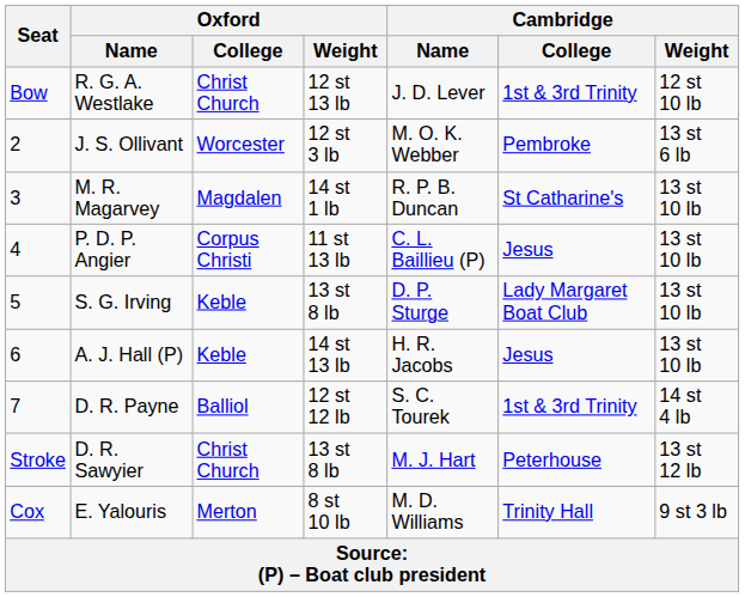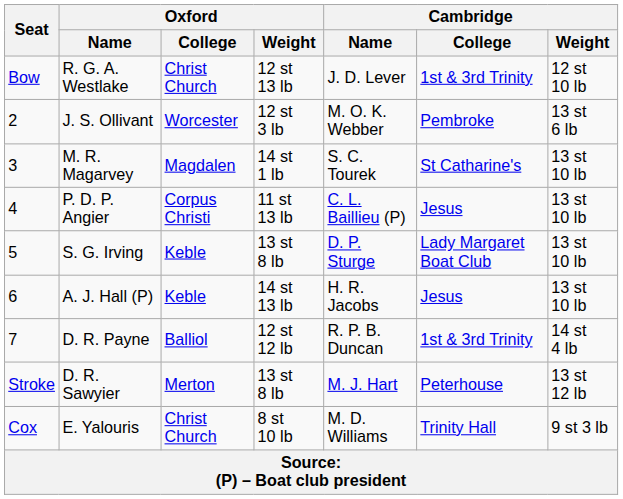 <table class="wikitable">
 <tr>
 <th rowspan="2" scope="col">Seat</th>
 <th colspan="3" scope="col">Oxford <br> </th>
 <th colspan="3" scope="col">Cambridge <br> </th>
 </tr>
 <tr>
 <th>Name</th>
 <th>College</th>
 <th>Weight</th>
 <th>Name</th>
 <th>College</th>
 <th>Weight</th>
 </tr>
 <tr>
 <td><a href='#'>Bow</a></td>
 <td>R. G. A. Westlake</td>
 <td><a href='#'>Christ Church</a></td>
 <td>12 st 13 lb</td>
 <td>J. D. Lever</td>
 <td><a href='#'>1st & 3rd Trinity</a></td>
 <td>12 st 10 lb</td>
 </tr>
 <tr>
 <td>2</td>
 <td>J. S. Ollivant</td>
 <td><a href='#'>Worcester</a></td>
 <td>12 st 3 lb</td>
 <td>M. O. K. Webber</td>
 <td><a href='#'>Pembroke</a></td>
 <td>13 st 6 lb</td>
 </tr>
 <tr>
 <td>3</td>
 <td>M. R. Magarvey</td>
 <td><a href='#'>Magdalen</a></td>
 <td>14 st 1 lb</td>
-<td>R. P. B. Duncan</td>
+<td>S. C. Tourek</td>
 <td><a href='#'>St Catharine's</a></td>
 <td>13 st 10 lb</td>
 </tr>
 <tr>
 <td>4</td>
 <td>P. D. P. Angier</td>
 <td><a href='#'>Corpus Christi</a></td>
 <td>11 st 13 lb</td>
 <td><a href='#'>C. L. Baillieu</a> (P)</td>
 <td><a href='#'>Jesus</a></td>
 <td>13 st 10 lb</td>
 </tr>
 <tr>
 <td>5</td>
 <td>S. G. Irving</td>
 <td><a href='#'>Keble</a></td>
 <td>13 st 8 lb</td>
 <td><a href='#'>D. P. Sturge</a></td>
 <td><a href='#'>Lady Margaret Boat Club</a></td>
 <td>13 st 10 lb</td>
 </tr>
 <tr>
 <td>6</td>
 <td>A. J. Hall (P)</td>
 <td><a href='#'>Keble</a></td>
 <td>14 st 13 lb</td>
 <td>H. R. Jacobs</td>
 <td><a href='#'>Jesus</a></td>
 <td>13 st 10 lb</td>
 </tr>
 <tr>
 <td>7</td>
 <td>D. R. Payne</td>
 <td><a href='#'>Balliol</a></td>
 <td>12 st 12 lb</td>
-<td>S. C. Tourek</td>
+<td>R. P. B. Duncan</td>
 <td><a href='#'>1st & 3rd Trinity</a></td>
 <td>14 st 4 lb</td>
 </tr>
 <tr>
 <td><a href='#'>Stroke</a></td>
 <td>D. R. Sawyier</td>
-<td><a href='#'>Christ Church</a></td>
+<td><a href='#'>Merton</a></td>
 <td>13 st 8 lb</td>
 <td><a href='#'>M. J. Hart</a></td>
 <td><a href='#'>Peterhouse</a></td>
 <td>13 st 12 lb</td>
 </tr>
 <tr>
 <td><a href='#'>Cox</a></td>
 <td>E. Yalouris</td>
-<td><a href='#'>Merton</a></td>
+<td><a href='#'>Christ Church</a></td>
 <td>8 st 10 lb</td>
 <td>M. D. Williams</td>
 <td><a href='#'>Trinity Hall</a></td>
 <td>9 st 3 lb</td>
 </tr>
 <tr>
 <th colspan="7">Source:<br>(P) – Boat club president</th>
 </tr>
 </table>
